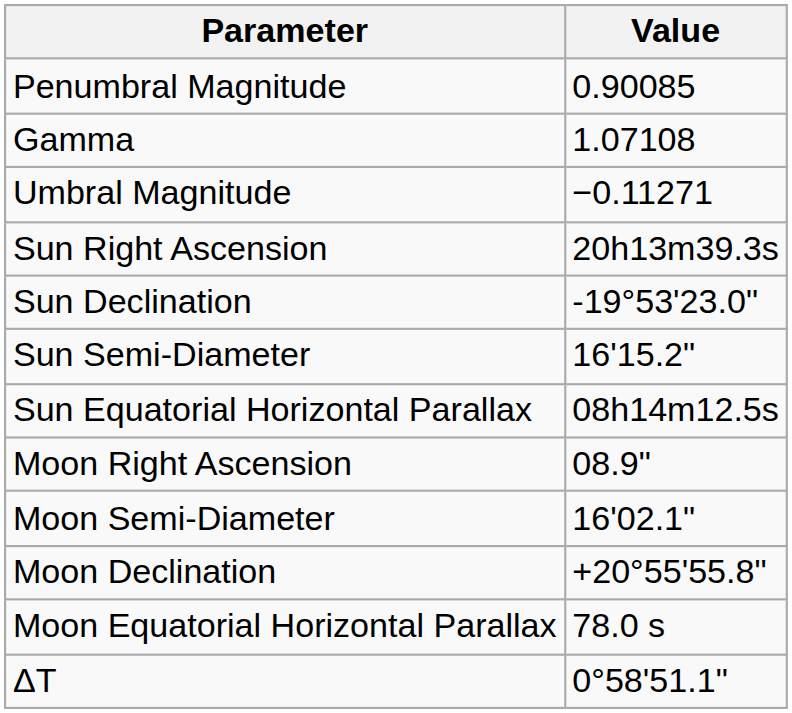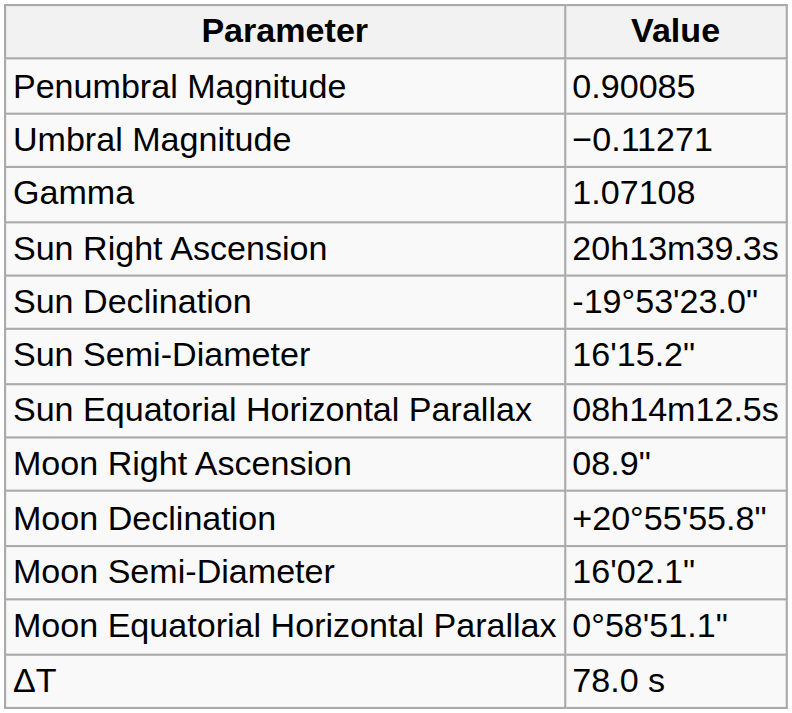 <table class="wikitable">
 <tr>
 <th>Parameter</th>
 <th>Value</th>
 </tr>
 <tr>
 <td>Penumbral Magnitude</td>
 <td>0.90085</td>
 </tr>
 <tr>
+<td>Umbral Magnitude</td>
+<td>−0.11271</td>
+</tr>
+<tr>
 <td>Gamma</td>
 <td>1.07108</td>
-</tr>
-<tr>
-<td>Umbral Magnitude</td>
-<td>−0.11271</td>
 </tr>
 <tr>
 <td>Sun Right Ascension</td>
 <td>20h13m39.3s</td>
 </tr>
 <tr>
 <td>Sun Declination</td>
 <td>-19°53'23.0"</td>
 </tr>
 <tr>
 <td>Sun Semi-Diameter</td>
 <td>16'15.2"</td>
 </tr>
 <tr>
 <td>Sun Equatorial Horizontal Parallax</td>
 <td>08h14m12.5s</td>
 </tr>
 <tr>
 <td>Moon Right Ascension</td>
 <td>08.9"</td>
 </tr>
 <tr>
+<td>Moon Declination</td>
+<td>+20°55'55.8"</td>
+</tr>
+<tr>
 <td>Moon Semi-Diameter</td>
 <td>16'02.1"</td>
 </tr>
 <tr>
-<td>Moon Declination</td>
-<td>+20°55'55.8"</td>
-</tr>
-<tr>
 <td>Moon Equatorial Horizontal Parallax</td>
-<td>78.0 s</td>
+<td>0°58'51.1"</td>
 </tr>
 <tr>
 <td>ΔT</td>
-<td>0°58'51.1"</td>
+<td>78.0 s</td>
 </tr>
 </table>
